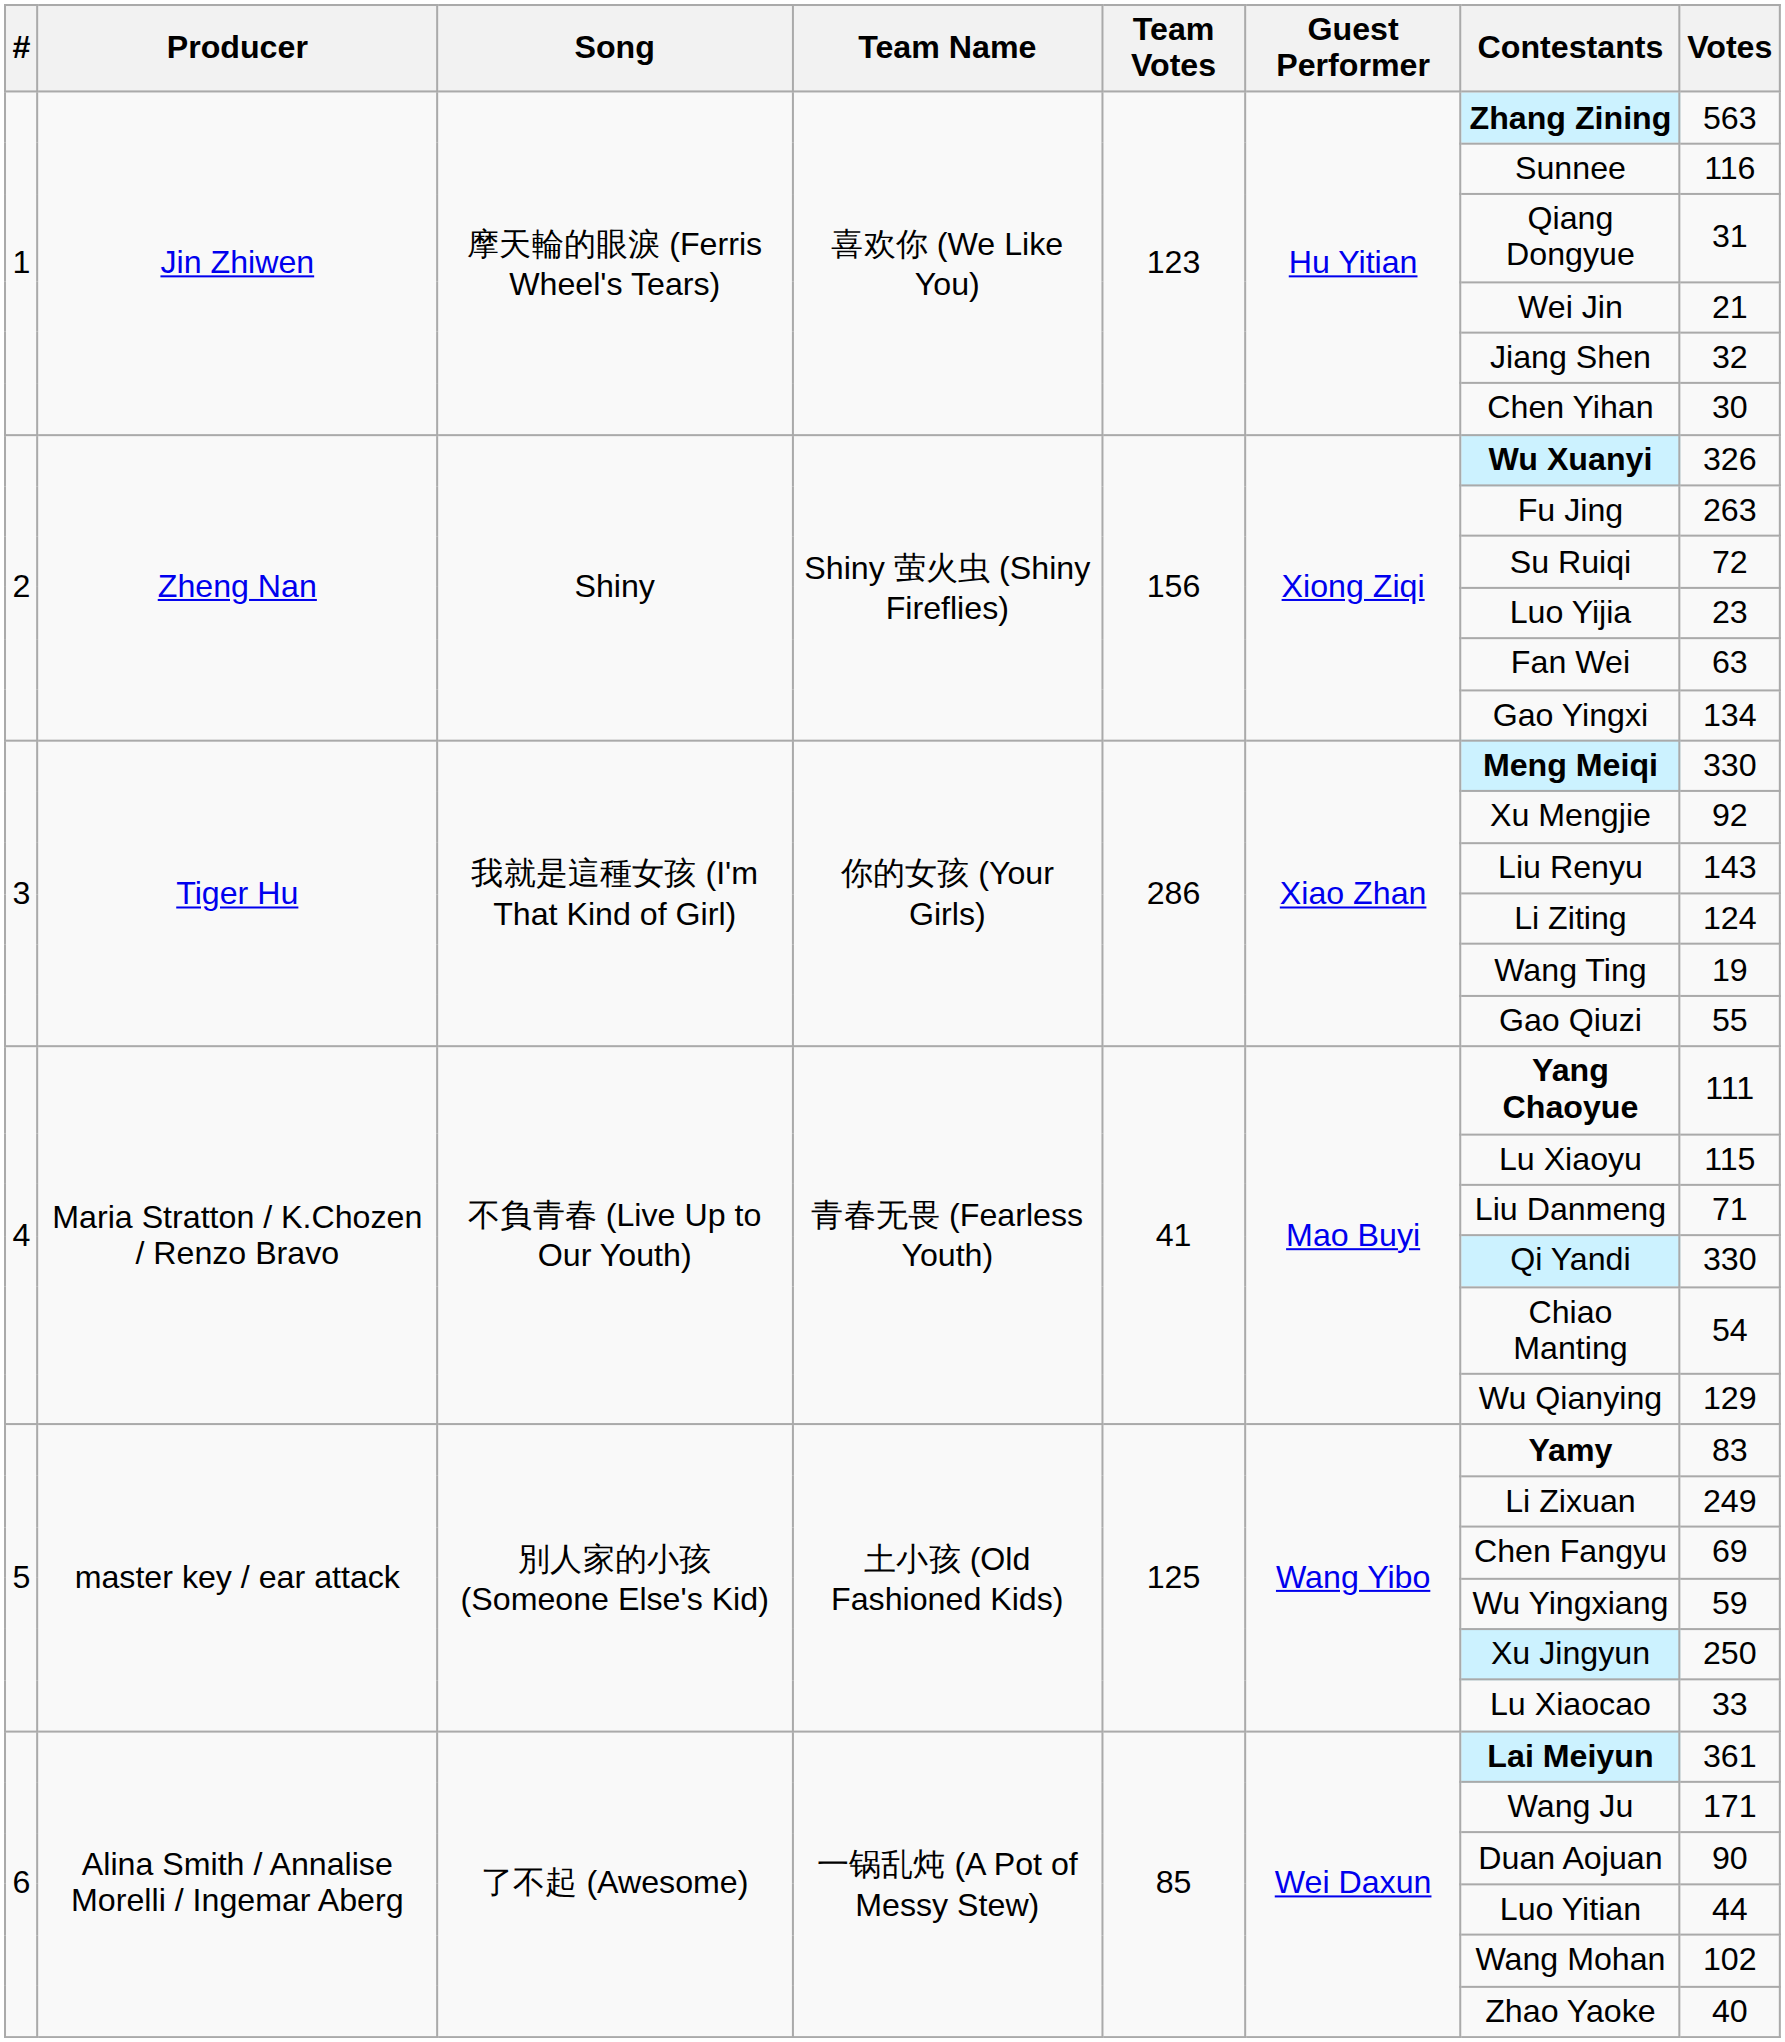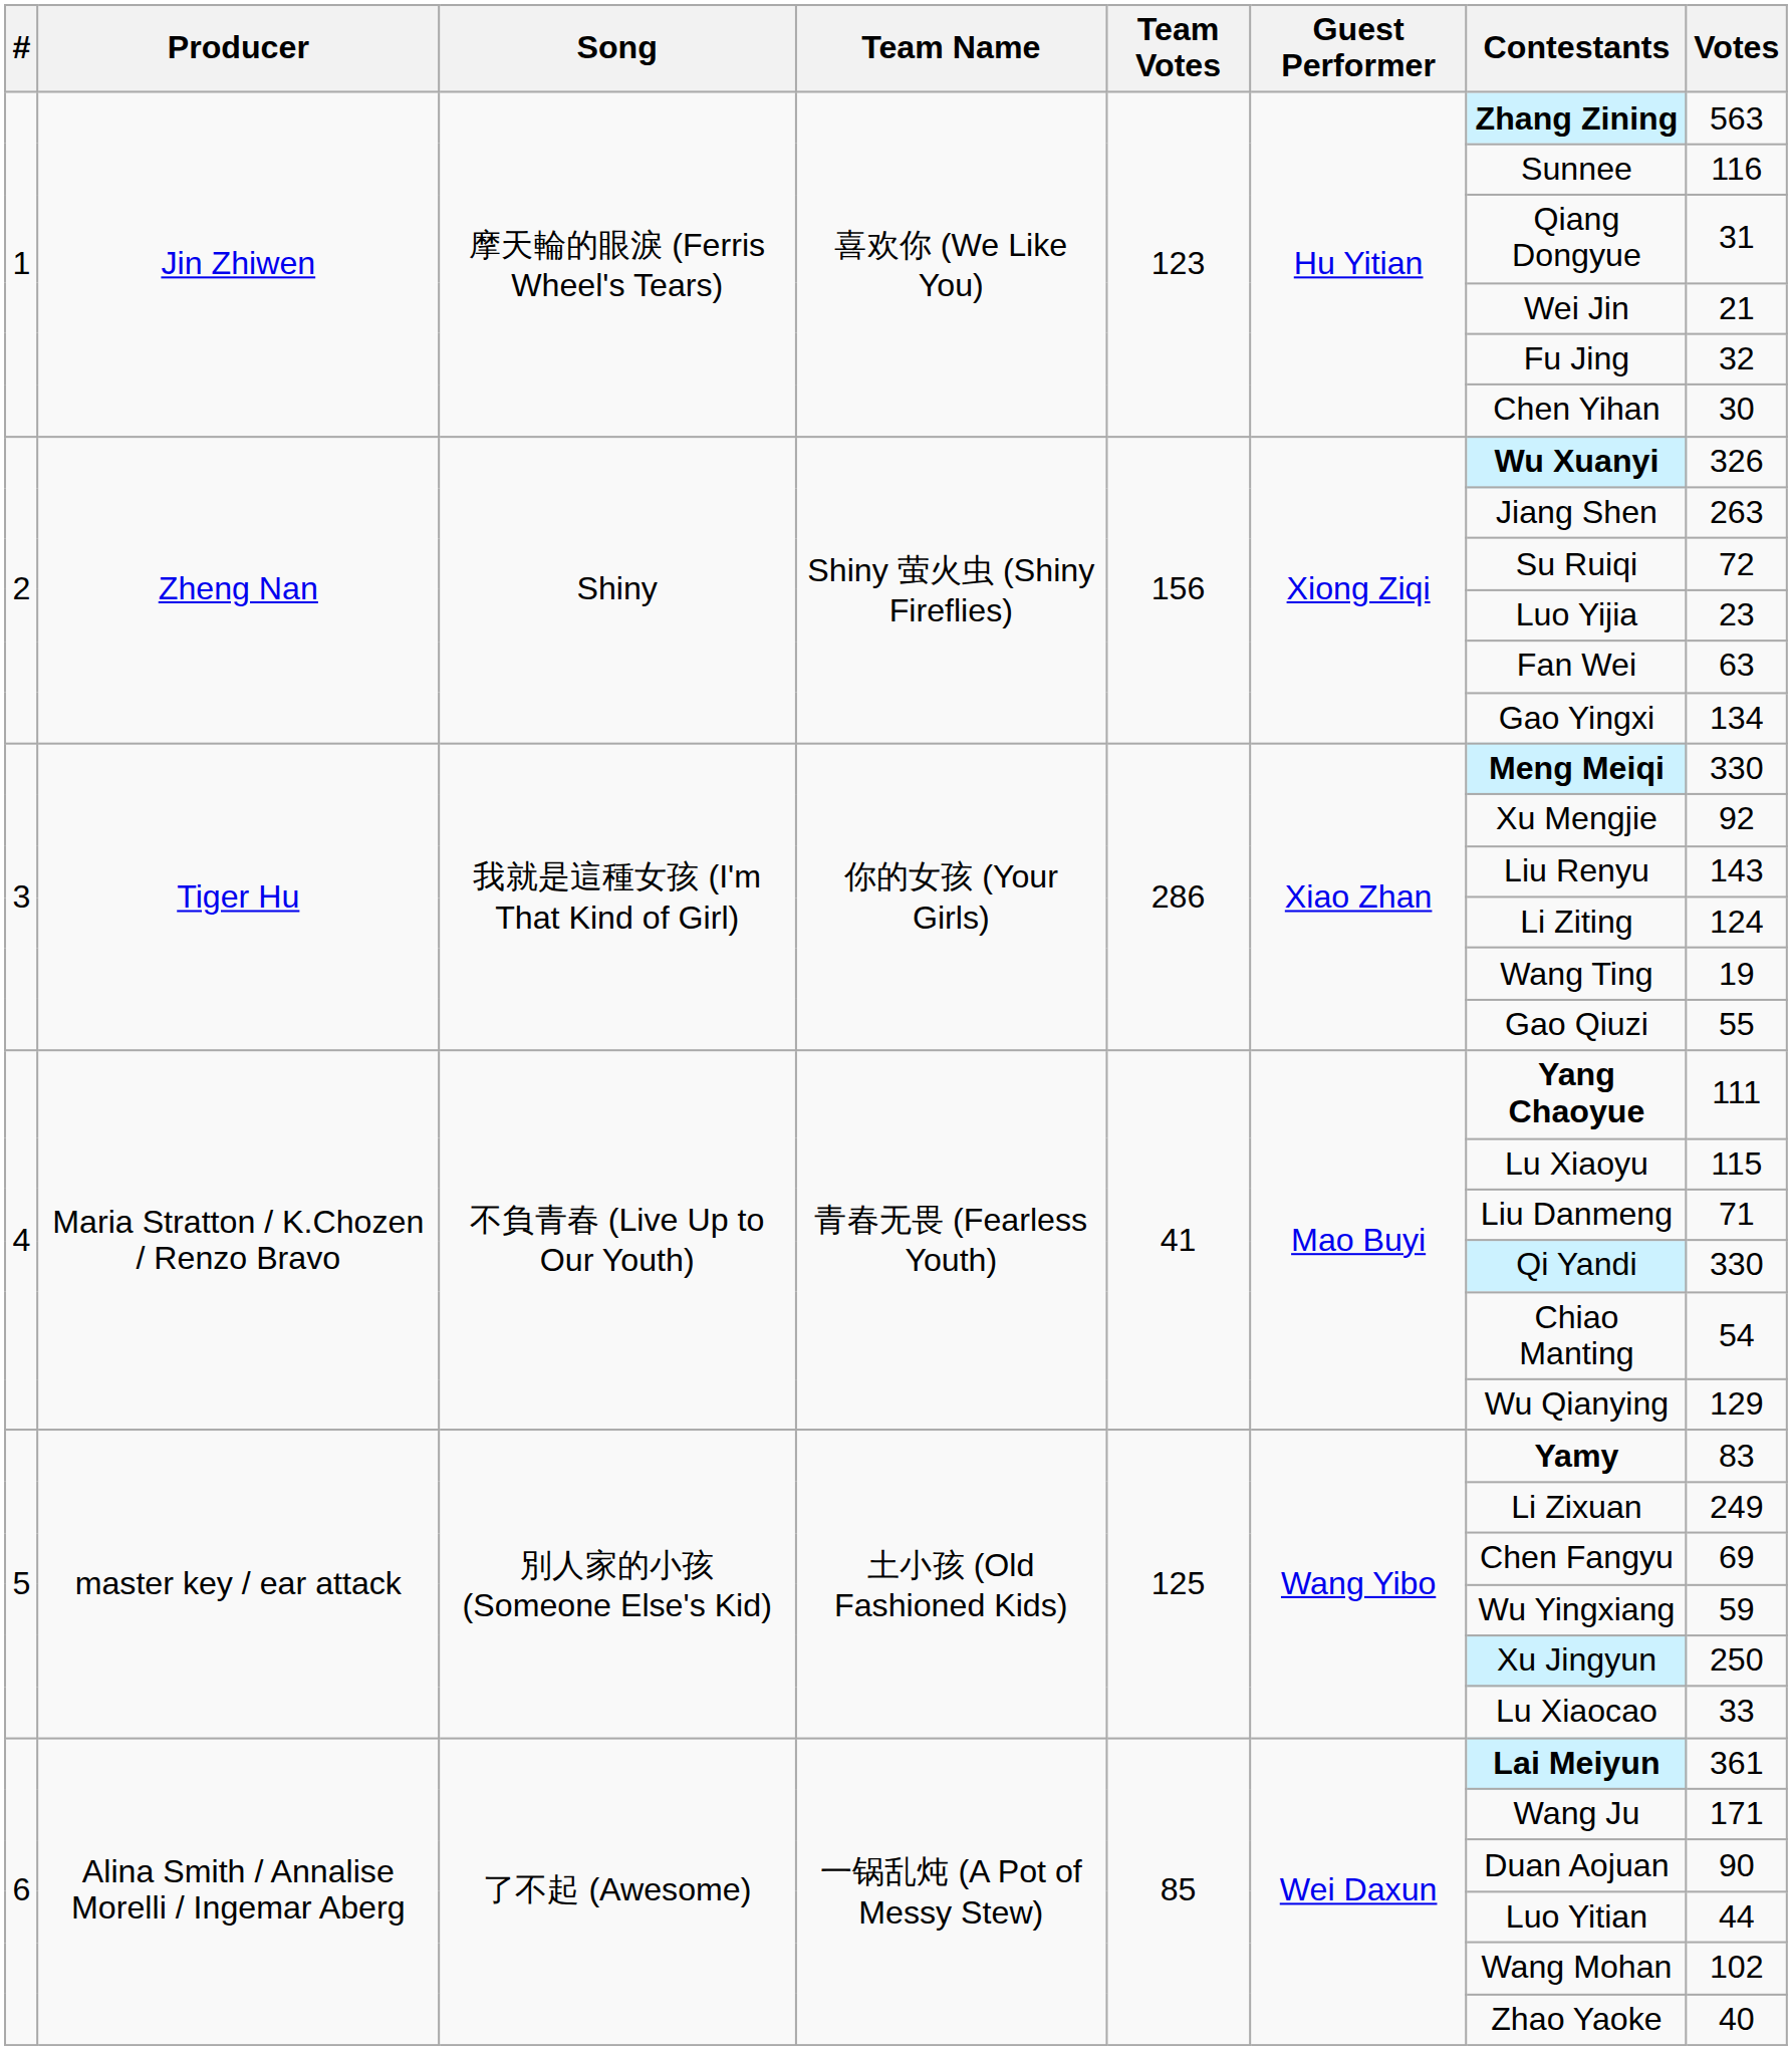 <table class="wikitable sortable" style="text-align:center; width:100%">
 <tr>
 <th>#</th>
 <th>Producer</th>
 <th>Song</th>
 <th>Team Name</th>
 <th>Team Votes</th>
 <th>Guest Performer</th>
 <th>Contestants</th>
 <th>Votes</th>
 </tr>
 <tr>
 <td rowspan=6>1</td>
 <td rowspan=6><a href='#'>Jin Zhiwen</a></td>
 <td rowspan="6">摩天輪的眼淚 (Ferris Wheel's Tears)</td>
 <td rowspan="6">喜欢你 (We Like You)</td>
 <td rowspan="6">123</td>
 <td rowspan="6"><a href='#'>Hu Yitian</a></td>
 <td style=background:#CCF2FF;><strong>Zhang Zining</strong></td>
 <td>563</td>
 </tr>
 <tr>
 <td>Sunnee</td>
 <td>116</td>
 </tr>
 <tr>
 <td>Qiang Dongyue</td>
 <td>31</td>
 </tr>
 <tr>
 <td>Wei Jin</td>
 <td>21</td>
 </tr>
 <tr>
-<td>Jiang Shen</td>
+<td>Fu Jing</td>
 <td>32</td>
 </tr>
 <tr>
 <td>Chen Yihan</td>
 <td>30</td>
 </tr>
 <tr>
 <td rowspan=6>2</td>
 <td rowspan=6><a href='#'>Zheng Nan</a></td>
 <td rowspan="6">Shiny</td>
 <td rowspan="6">Shiny 萤火虫 (Shiny Fireflies)</td>
 <td rowspan="6">156</td>
 <td rowspan="6"><a href='#'>Xiong Ziqi</a></td>
 <td style=background:#CCF2FF;><strong>Wu Xuanyi</strong></td>
 <td>326</td>
 </tr>
 <tr>
-<td>Fu Jing</td>
+<td>Jiang Shen</td>
 <td>263</td>
 </tr>
 <tr>
 <td>Su Ruiqi</td>
 <td>72</td>
 </tr>
 <tr>
 <td>Luo Yijia</td>
 <td>23</td>
 </tr>
 <tr>
 <td>Fan Wei</td>
 <td>63</td>
 </tr>
 <tr>
 <td>Gao Yingxi</td>
 <td>134</td>
 </tr>
 <tr>
 <td rowspan=6>3</td>
 <td rowspan=6><a href='#'>Tiger Hu</a></td>
 <td rowspan="6">我就是這種女孩 (I'm That Kind of Girl)</td>
 <td rowspan="6">你的女孩 (Your Girls)</td>
 <td rowspan="6">286</td>
 <td rowspan="6"><a href='#'>Xiao Zhan</a></td>
 <td style=background:#CCF2FF;><strong>Meng Meiqi</strong></td>
 <td>330</td>
 </tr>
 <tr>
 <td>Xu Mengjie</td>
 <td>92</td>
 </tr>
 <tr>
 <td>Liu Renyu</td>
 <td>143</td>
 </tr>
 <tr>
 <td>Li Ziting</td>
 <td>124</td>
 </tr>
 <tr>
 <td>Wang Ting</td>
 <td>19</td>
 </tr>
 <tr>
 <td>Gao Qiuzi</td>
 <td>55</td>
 </tr>
 <tr>
 <td rowspan=6>4</td>
 <td rowspan="6">Maria Stratton / K.Chozen / Renzo Bravo</td>
 <td rowspan=6>不負青春 (Live Up to Our Youth)</td>
 <td rowspan="6">青春无畏 (Fearless Youth)</td>
 <td rowspan="6">41</td>
 <td rowspan="6"><a href='#'>Mao Buyi</a></td>
 <td><strong>Yang Chaoyue</strong></td>
 <td>111</td>
 </tr>
 <tr>
 <td>Lu Xiaoyu</td>
 <td>115</td>
 </tr>
 <tr>
 <td>Liu Danmeng</td>
 <td>71</td>
 </tr>
 <tr>
 <td style=background:#CCF2FF;>Qi Yandi</td>
 <td>330</td>
 </tr>
 <tr>
 <td>Chiao Manting</td>
 <td>54</td>
 </tr>
 <tr>
 <td>Wu Qianying</td>
 <td>129</td>
 </tr>
 <tr>
 <td rowspan=6>5</td>
 <td rowspan="6">master key / ear attack</td>
 <td rowspan=6>別人家的小孩 (Someone Else's Kid)</td>
 <td rowspan="6">土小孩 (Old Fashioned Kids)</td>
 <td rowspan="6">125</td>
 <td rowspan="6"><a href='#'>Wang Yibo</a></td>
 <td><strong>Yamy</strong></td>
 <td>83</td>
 </tr>
 <tr>
 <td>Li Zixuan</td>
 <td>249</td>
 </tr>
 <tr>
 <td>Chen Fangyu</td>
 <td>69</td>
 </tr>
 <tr>
 <td>Wu Yingxiang</td>
 <td>59</td>
 </tr>
 <tr>
 <td style=background:#CCF2FF;>Xu Jingyun</td>
 <td>250</td>
 </tr>
 <tr>
 <td>Lu Xiaocao</td>
 <td>33</td>
 </tr>
 <tr>
 <td rowspan=6>6</td>
 <td rowspan="6">Alina Smith / Annalise Morelli / Ingemar Aberg</td>
 <td rowspan=6>了不起 (Awesome)</td>
 <td rowspan="6">一锅乱炖 (A Pot of Messy Stew)</td>
 <td rowspan="6">85</td>
 <td rowspan="6"><a href='#'>Wei Daxun</a></td>
 <td style=background:#CCF2FF;><strong>Lai Meiyun</strong></td>
 <td>361</td>
 </tr>
 <tr>
 <td>Wang Ju</td>
 <td>171</td>
 </tr>
 <tr>
 <td>Duan Aojuan</td>
 <td>90</td>
 </tr>
 <tr>
 <td>Luo Yitian</td>
 <td>44</td>
 </tr>
 <tr>
 <td>Wang Mohan</td>
 <td>102</td>
 </tr>
 <tr>
 <td>Zhao Yaoke</td>
 <td>40</td>
 </tr>
 </table>
